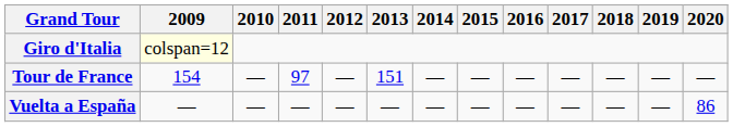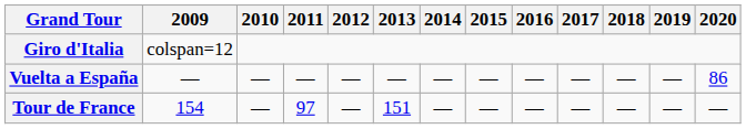 <table class="wikitable plainrowheaders">
 <tr>
 <th scope="col"><a href='#'>Grand Tour</a></th>
 <th scope="col">2009</th>
 <th scope="col">2010</th>
 <th scope="col">2011</th>
 <th scope="col">2012</th>
 <th scope="col">2013</th>
 <th scope="col">2014</th>
 <th scope="col">2015</th>
 <th scope="col">2016</th>
 <th scope="col">2017</th>
 <th scope="col">2018</th>
 <th scope="col">2019</th>
 <th scope="col">2020</th>
 </tr>
 <tr style="text-align:center;">
 <th scope="row"> <a href='#'>Giro d'Italia</a></th>
-<td style="background: lightyellow;">colspan=12 </td>
+<td>colspan=12 </td>
+</tr>
+<tr style="text-align:center;">
+<th scope="row"> <a href='#'>Vuelta a España</a></th>
+<td>—</td>
+<td>—</td>
+<td>—</td>
+<td>—</td>
+<td>—</td>
+<td>—</td>
+<td>—</td>
+<td>—</td>
+<td>—</td>
+<td>—</td>
+<td>—</td>
+<td><a href='#'>86</a></td>
 </tr>
 <tr style="text-align:center;">
 <th scope="row"> <a href='#'>Tour de France</a></th>
 <td><a href='#'>154</a></td>
 <td>—</td>
 <td><a href='#'>97</a></td>
 <td>—</td>
 <td><a href='#'>151</a></td>
 <td>—</td>
 <td>—</td>
 <td>—</td>
 <td>—</td>
 <td>—</td>
 <td>—</td>
 <td>—</td>
 </tr>
-<tr style="text-align:center;">
-<th scope="row"> <a href='#'>Vuelta a España</a></th>
-<td>—</td>
-<td>—</td>
-<td>—</td>
-<td>—</td>
-<td>—</td>
-<td>—</td>
-<td>—</td>
-<td>—</td>
-<td>—</td>
-<td>—</td>
-<td>—</td>
-<td><a href='#'>86</a></td>
-</tr>
 </table>
